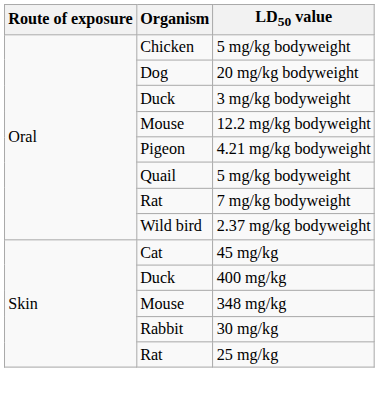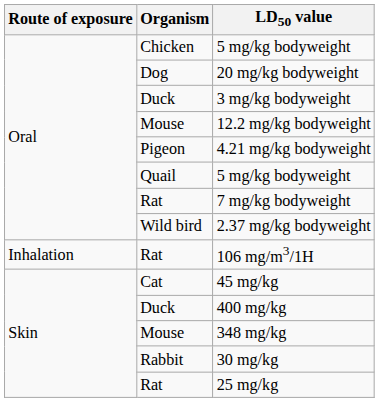 <table class="wikitable">
 <tr>
 <th>Route of exposure</th>
 <th>Organism</th>
 <th>LD<sub>50</sub> value</th>
 </tr>
 <tr>
 <td rowspan="8">Oral</td>
 <td>Chicken</td>
 <td>5 mg/kg bodyweight</td>
 </tr>
 <tr>
 <td>Dog</td>
 <td>20 mg/kg bodyweight</td>
 </tr>
 <tr>
 <td>Duck</td>
 <td>3 mg/kg bodyweight</td>
 </tr>
 <tr>
 <td>Mouse</td>
 <td>12.2 mg/kg bodyweight</td>
 </tr>
 <tr>
 <td>Pigeon</td>
 <td>4.21 mg/kg bodyweight</td>
 </tr>
 <tr>
 <td>Quail</td>
 <td>5 mg/kg bodyweight</td>
 </tr>
 <tr>
 <td>Rat</td>
 <td>7 mg/kg bodyweight</td>
 </tr>
 <tr>
 <td>Wild bird</td>
 <td>2.37 mg/kg bodyweight</td>
 </tr>
 <tr>
+<td>Inhalation</td>
+<td>Rat</td>
+<td>106 mg/m<sup>3</sup>/1H</td>
+</tr>
+<tr>
 <td rowspan="5">Skin</td>
 <td>Cat</td>
 <td>45 mg/kg</td>
 </tr>
 <tr>
 <td>Duck</td>
 <td>400 mg/kg</td>
 </tr>
 <tr>
 <td>Mouse</td>
 <td>348 mg/kg</td>
 </tr>
 <tr>
 <td>Rabbit</td>
 <td>30 mg/kg</td>
 </tr>
 <tr>
 <td>Rat</td>
 <td>25 mg/kg</td>
 </tr>
 </table>
